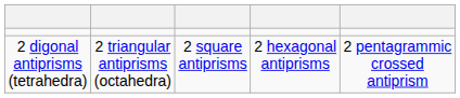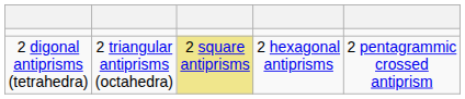 <table class=wikitable>
 <tr>
 <th><br></th>
 <th><br></th>
 <th><br></th>
 <th><br></th>
 <th><br></th>
 </tr>
 <tr>
 <td></td>
 <td></td>
 <td></td>
 <td></td>
 <td></td>
 </tr>
 <tr align=center valign=top>
 <td>2 <a href='#'>digonal<br>antiprisms</a><br>(tetrahedra)</td>
 <td>2 <a href='#'>triangular<br>antiprisms</a><br>(octahedra)</td>
-<td>2 <a href='#'>square<br>antiprisms</a></td>
+<td style="background: khaki;">2 <a href='#'>square<br>antiprisms</a></td>
 <td>2 <a href='#'>hexagonal<br>antiprisms</a></td>
 <td>2 <a href='#'>pentagrammic<br>crossed<br>antiprism</a></td>
 </tr>
 </table>
